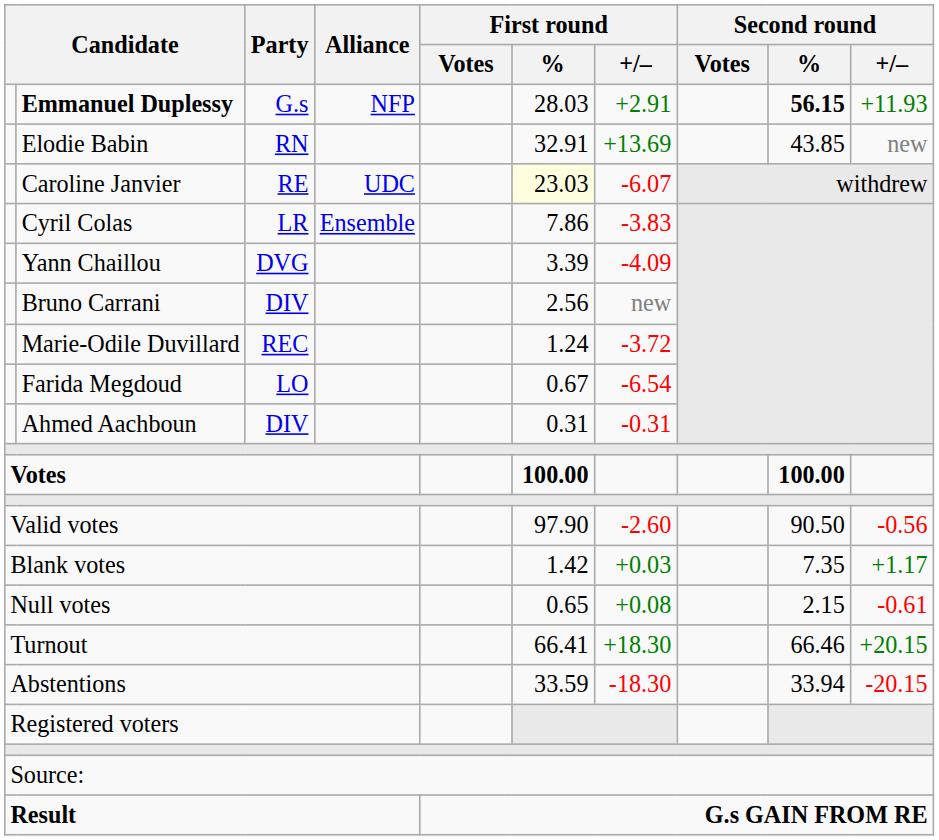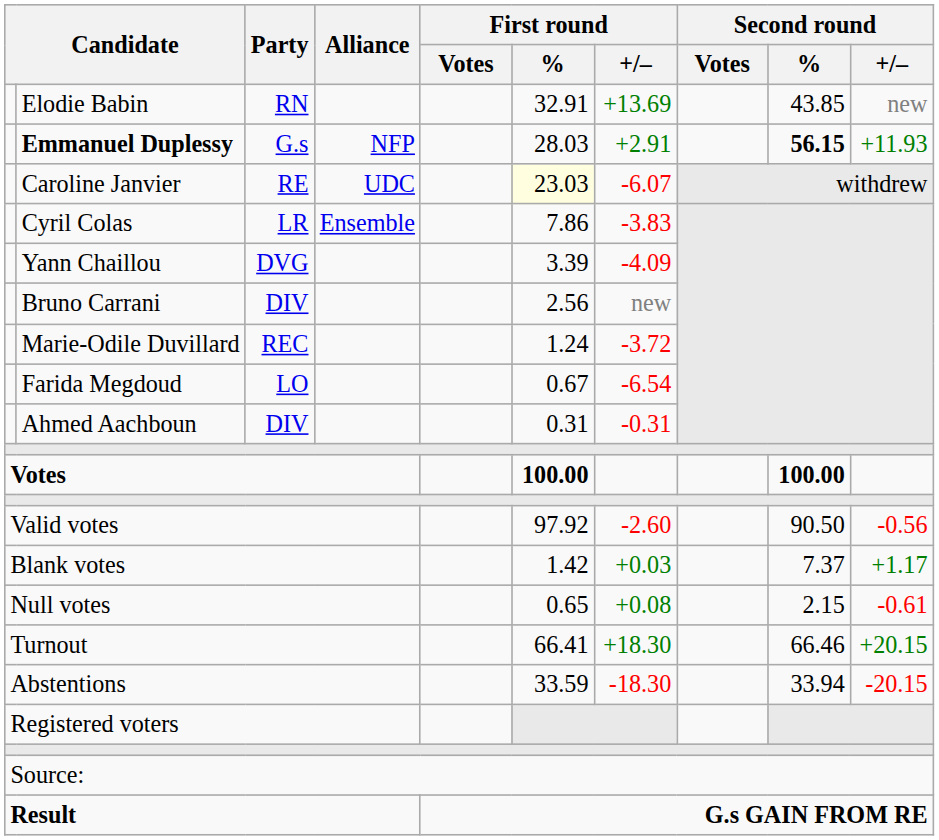 <table class="wikitable" style="text-align:right;font-size:95%;">
 <tr>
 <th rowspan="2" colspan="2">Candidate</th>
 <th colspan="1" rowspan="2">Party</th>
 <th colspan="1" rowspan="2">Alliance</th>
 <th colspan="3">First round</th>
 <th colspan="3">Second round</th>
 </tr>
 <tr>
 <th style="width:50px;">Votes</th>
 <th style="width:45px;">%</th>
 <th style="width:45px;">+/–</th>
 <th style="width:50px;">Votes</th>
 <th style="width:45px;">%</th>
 <th style="width:45px;">+/–</th>
 </tr>
 <tr>
 <td style="color:inherit;background:"></td>
+<td style="text-align:left;">Elodie Babin</td>
+<td><a href='#'>RN</a></td>
+<td></td>
+<td></td>
+<td>32.91</td>
+<td style="color:green;">+13.69</td>
+<td></td>
+<td>43.85</td>
+<td style="color:grey;">new</td>
+</tr>
+<tr>
+<td style="color:inherit;background:"></td>
 <td style="text-align:left;"><strong>Emmanuel Duplessy</strong></td>
 <td><a href='#'>G.s</a></td>
 <td><a href='#'>NFP</a></td>
 <td></td>
 <td>28.03</td>
 <td style="color:green;">+2.91</td>
 <td><strong></strong></td>
 <td><strong>56.15</strong></td>
 <td style="color:green;">+11.93</td>
-</tr>
-<tr>
-<td style="color:inherit;background:"></td>
-<td style="text-align:left;">Elodie Babin</td>
-<td><a href='#'>RN</a></td>
-<td></td>
-<td></td>
-<td>32.91</td>
-<td style="color:green;">+13.69</td>
-<td></td>
-<td>43.85</td>
-<td style="color:grey;">new</td>
 </tr>
 <tr>
 <td style="color:inherit;background:"></td>
 <td style="text-align:left;">Caroline Janvier</td>
 <td><a href='#'>RE</a></td>
 <td><a href='#'>UDC</a></td>
 <td></td>
 <td style="background: lightyellow;">23.03</td>
 <td style="color:red;">-6.07</td>
 <td colspan="3" style="background:#E9E9E9;">withdrew</td>
 </tr>
 <tr>
 <td style="color:inherit;background:"></td>
 <td style="text-align:left;">Cyril Colas</td>
 <td><a href='#'>LR</a></td>
 <td><a href='#'>Ensemble</a></td>
 <td></td>
 <td>7.86</td>
 <td style="color:red;">-3.83</td>
 <td colspan="3" rowspan="6" style="background:#E9E9E9;"></td>
 </tr>
 <tr>
 <td style="color:inherit;background:"></td>
 <td style="text-align:left;">Yann Chaillou</td>
 <td><a href='#'>DVG</a></td>
 <td></td>
 <td></td>
 <td>3.39</td>
 <td style="color:red;">-4.09</td>
 </tr>
 <tr>
 <td style="color:inherit;background:"></td>
 <td style="text-align:left;">Bruno Carrani</td>
 <td><a href='#'>DIV</a></td>
 <td></td>
 <td></td>
 <td>2.56</td>
 <td style="color:grey;">new</td>
 </tr>
 <tr>
 <td style="color:inherit;background:"></td>
 <td style="text-align:left;">Marie-Odile Duvillard</td>
 <td><a href='#'>REC</a></td>
 <td></td>
 <td></td>
 <td>1.24</td>
 <td style="color:red;">-3.72</td>
 </tr>
 <tr>
 <td style="color:inherit;background:"></td>
 <td style="text-align:left;">Farida Megdoud</td>
 <td><a href='#'>LO</a></td>
 <td></td>
 <td></td>
 <td>0.67</td>
 <td style="color:red;">-6.54</td>
 </tr>
 <tr>
 <td style="color:inherit;background:"></td>
 <td style="text-align:left;">Ahmed Aachboun</td>
 <td><a href='#'>DIV</a></td>
 <td></td>
 <td></td>
 <td>0.31</td>
 <td style="color:red;">-0.31</td>
 </tr>
 <tr>
 <td colspan="10" style="background:#E9E9E9;"></td>
 </tr>
 <tr style="font-weight:bold;">
 <td colspan="4" style="text-align:left;">Votes</td>
 <td></td>
 <td>100.00</td>
 <td></td>
 <td></td>
 <td>100.00</td>
 <td></td>
 </tr>
 <tr>
 <td colspan="10" style="background:#E9E9E9;"></td>
 </tr>
 <tr>
 <td colspan="4" style="text-align:left;">Valid votes</td>
 <td></td>
-<td>97.90</td>
+<td>97.92</td>
 <td style="color:red;">-2.60</td>
 <td></td>
 <td>90.50</td>
 <td style="color:red;">-0.56</td>
 </tr>
 <tr>
 <td colspan="4" style="text-align:left;">Blank votes</td>
 <td></td>
 <td>1.42</td>
 <td style="color:green;">+0.03</td>
 <td></td>
-<td>7.35</td>
+<td>7.37</td>
 <td style="color:green;">+1.17</td>
 </tr>
 <tr>
 <td colspan="4" style="text-align:left;">Null votes</td>
 <td></td>
 <td>0.65</td>
 <td style="color:green;">+0.08</td>
 <td></td>
 <td>2.15</td>
 <td style="color:red;">-0.61</td>
 </tr>
 <tr>
 <td colspan="4" style="text-align:left;">Turnout</td>
 <td></td>
 <td>66.41</td>
 <td style="color:green;">+18.30</td>
 <td></td>
 <td>66.46</td>
 <td style="color:green;">+20.15</td>
 </tr>
 <tr>
 <td colspan="4" style="text-align:left;">Abstentions</td>
 <td></td>
 <td>33.59</td>
 <td style="color:red;">-18.30</td>
 <td></td>
 <td>33.94</td>
 <td style="color:red;">-20.15</td>
 </tr>
 <tr>
 <td colspan="4" style="text-align:left;">Registered voters</td>
 <td></td>
 <td colspan="2" style="background:#E9E9E9;"></td>
 <td></td>
 <td colspan="2" style="background:#E9E9E9;"></td>
 </tr>
 <tr>
 <td colspan="10" style="background:#E9E9E9;"></td>
 </tr>
 <tr>
 <td colspan="10" style="text-align:left;">Source: </td>
 </tr>
 <tr style="font-weight:bold">
 <td colspan="4" style="text-align:left;">Result</td>
 <td colspan="6" style="background-color:">G.s GAIN FROM RE</td>
 </tr>
 </table>
